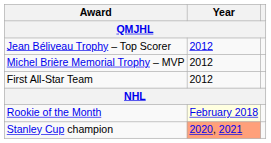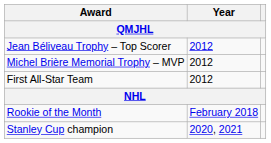 <table class="wikitable">
 <tr>
 <th>Award</th>
 <th>Year</th>
 <th></th>
 </tr>
 <tr ALIGN="center" bgcolor="#e0e0e0">
 <th colspan="3"><a href='#'>QMJHL</a></th>
 </tr>
 <tr>
 <td><a href='#'>Jean Béliveau Trophy</a> – Top Scorer</td>
 <td><a href='#'>2012</a></td>
 <td></td>
 </tr>
 <tr>
 <td><a href='#'>Michel Brière Memorial Trophy</a> – MVP</td>
 <td>2012</td>
 <td></td>
 </tr>
 <tr>
 <td>First All-Star Team</td>
 <td>2012</td>
 <td></td>
 </tr>
 <tr ALIGN="center" bgcolor="#e0e0e0">
 <th colspan="3"><a href='#'>NHL</a></th>
 </tr>
 <tr>
 <td><a href='#'>Rookie of the Month</a></td>
-<td style="background: lightyellow;"><a href='#'>February 2018</a></td>
+<td><a href='#'>February 2018</a></td>
 <td></td>
 </tr>
 <tr>
 <td><a href='#'>Stanley Cup</a> champion</td>
-<td style="background: lightsalmon;"><a href='#'>2020</a>, <a href='#'>2021</a></td>
+<td><a href='#'>2020</a>, <a href='#'>2021</a></td>
 <td></td>
 </tr>
 </table>
